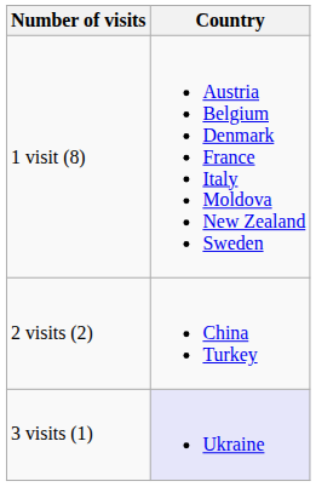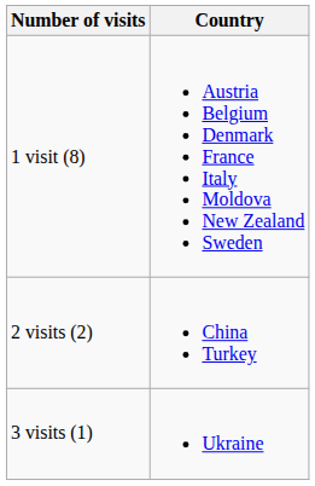 <table class="wikitable" style="margin: 1em auto 1em auto">
 <tr>
 <th>Number of visits</th>
 <th>Country</th>
 </tr>
 <tr>
 <td>1 visit (8)</td>
 <td><br><ul><li> <a href='#'>Austria</a></li><li> <a href='#'>Belgium</a></li><li> <a href='#'>Denmark</a></li><li> <a href='#'>France</a></li><li> <a href='#'>Italy</a></li><li> <a href='#'>Moldova</a></li><li> <a href='#'>New Zealand</a></li><li> <a href='#'>Sweden</a></li></ul></td>
 </tr>
 <tr>
 <td>2 visits (2)</td>
 <td><br><ul><li> <a href='#'>China</a></li><li> <a href='#'>Turkey</a></li></ul></td>
 </tr>
 <tr>
 <td>3 visits (1)</td>
-<td style="background: lavender;"><br><ul><li> <a href='#'>Ukraine</a></li></ul></td>
+<td><br><ul><li> <a href='#'>Ukraine</a></li></ul></td>
 </tr>
 </table>
